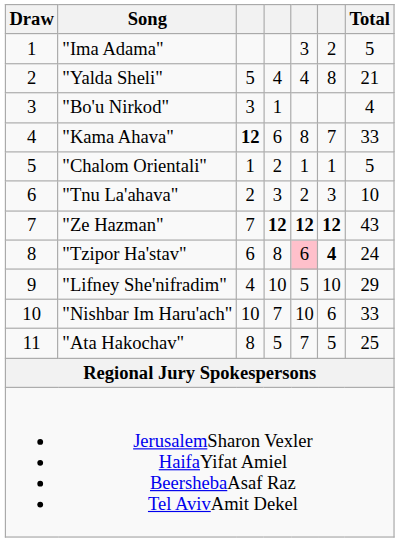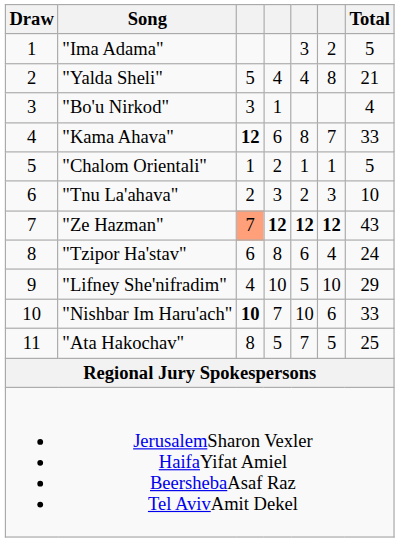 <table class="wikitable plainrowheaders" style="margin: 1em auto 1em auto; text-align:center;">
 <tr>
 <th>Draw</th>
 <th>Song</th>
 <th></th>
 <th></th>
 <th></th>
 <th></th>
 <th>Total</th>
 </tr>
 <tr>
 <td>1</td>
 <td align="left">"Ima Adama"</td>
 <td></td>
 <td></td>
 <td>3</td>
 <td>2</td>
 <td>5</td>
 </tr>
 <tr>
 <td>2</td>
 <td align="left">"Yalda Sheli"</td>
 <td>5</td>
 <td>4</td>
 <td>4</td>
 <td>8</td>
 <td>21</td>
 </tr>
 <tr>
 <td>3</td>
 <td align="left">"Bo'u Nirkod"</td>
 <td>3</td>
 <td>1</td>
 <td></td>
 <td></td>
 <td>4</td>
 </tr>
 <tr>
 <td>4</td>
 <td align="left">"Kama Ahava"</td>
 <td><strong>12</strong></td>
 <td>6</td>
 <td>8</td>
 <td>7</td>
 <td>33</td>
 </tr>
 <tr>
 <td>5</td>
 <td align="left">"Chalom Orientali"</td>
 <td>1</td>
 <td>2</td>
 <td>1</td>
 <td>1</td>
 <td>5</td>
 </tr>
 <tr>
 <td>6</td>
 <td align="left">"Tnu La'ahava"</td>
 <td>2</td>
 <td>3</td>
 <td>2</td>
 <td>3</td>
 <td>10</td>
 </tr>
 <tr>
 <td>7</td>
 <td align="left">"Ze Hazman"</td>
-<td>7</td>
+<td style="background: lightsalmon;">7</td>
 <td><strong>12</strong></td>
 <td><strong>12</strong></td>
 <td><strong>12</strong></td>
 <td>43</td>
 </tr>
 <tr>
 <td>8</td>
 <td align="left">"Tzipor Ha'stav"</td>
 <td>6</td>
 <td>8</td>
-<td style="background: pink;">6</td>
-<td><strong>4</strong></td>
+<td>6</td>
+<td>4</td>
 <td>24</td>
 </tr>
 <tr>
 <td>9</td>
 <td align="left">"Lifney She'nifradim"</td>
 <td>4</td>
 <td>10</td>
 <td>5</td>
 <td>10</td>
 <td>29</td>
 </tr>
 <tr>
 <td>10</td>
 <td align="left">"Nishbar Im Haru'ach"</td>
-<td>10</td>
+<td><strong>10</strong></td>
 <td>7</td>
 <td>10</td>
 <td>6</td>
 <td>33</td>
 </tr>
 <tr>
 <td>11</td>
 <td align="left">"Ata Hakochav"</td>
 <td>8</td>
 <td>5</td>
 <td>7</td>
 <td>5</td>
 <td>25</td>
 </tr>
 <tr>
 <th colspan="7">Regional Jury Spokespersons</th>
 </tr>
 <tr>
 <td colspan="7"><br><ul><li><a href='#'>Jerusalem</a>Sharon Vexler</li><li><a href='#'>Haifa</a>Yifat Amiel</li><li><a href='#'>Beersheba</a>Asaf Raz</li><li><a href='#'>Tel Aviv</a>Amit Dekel</li></ul></td>
 </tr>
 </table>
